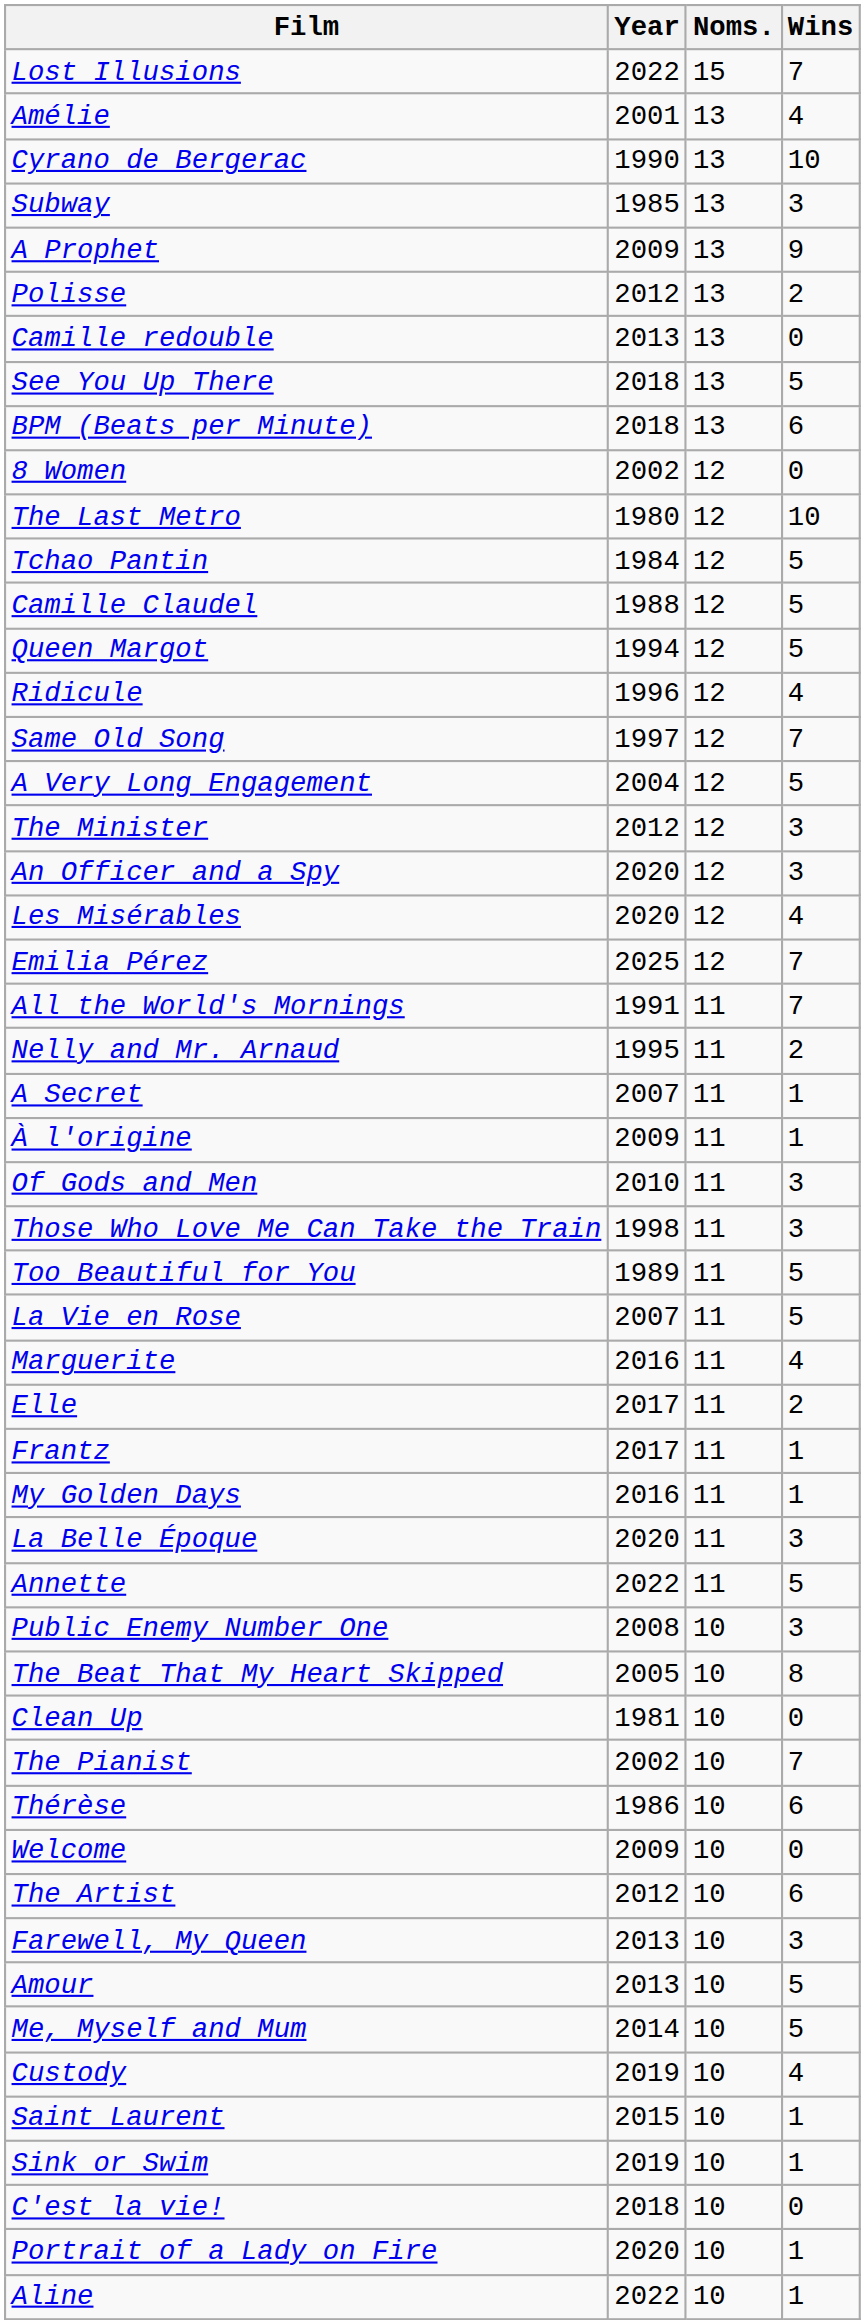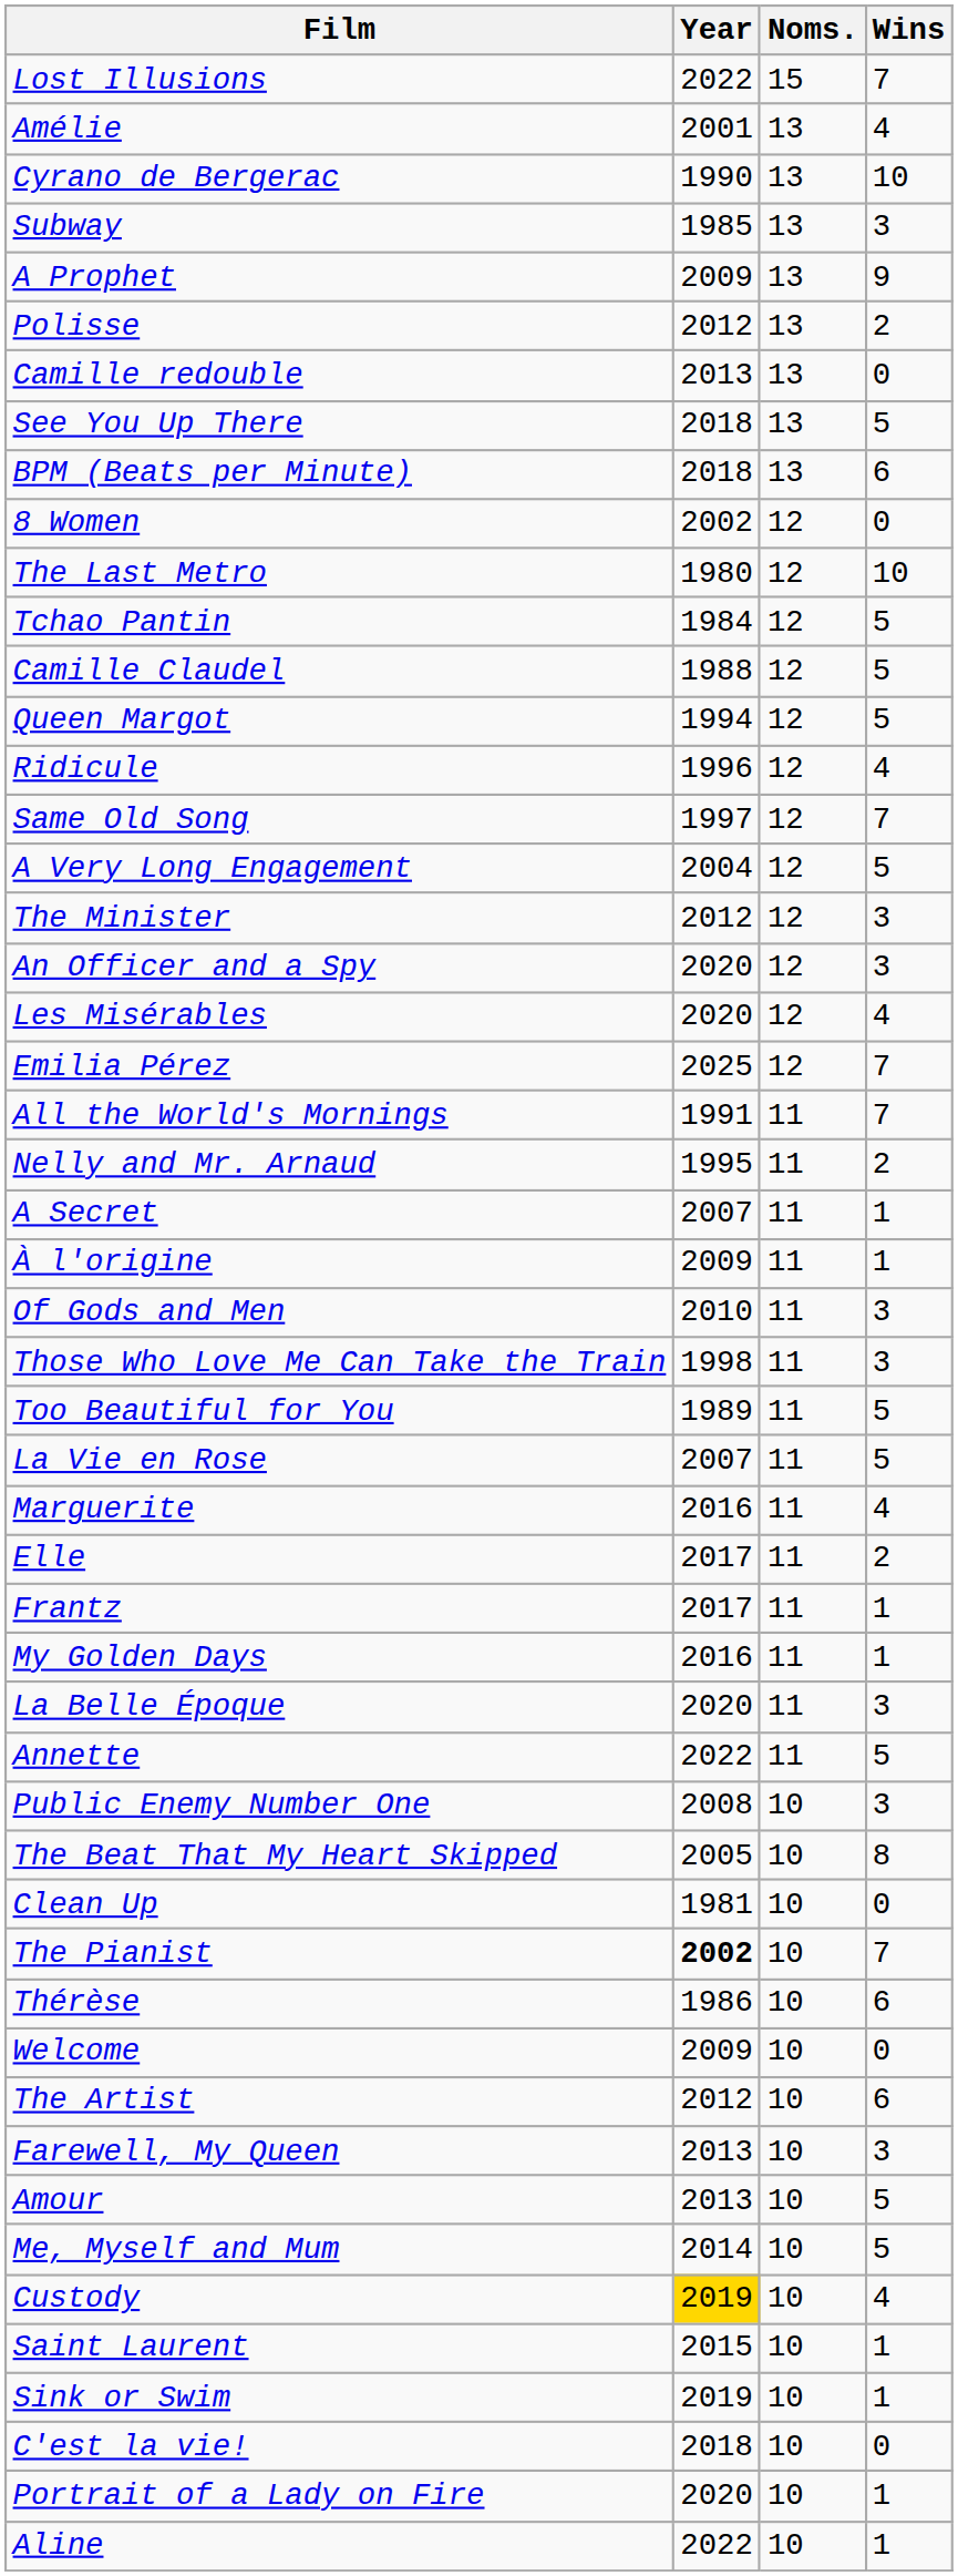 <table class="sortable wikitable">
 <tr>
 <th>Film</th>
 <th>Year</th>
 <th>Noms.</th>
 <th>Wins</th>
 </tr>
 <tr>
 <td><em><a href='#'>Lost Illusions</a></em></td>
 <td>2022</td>
 <td>15</td>
 <td>7</td>
 </tr>
 <tr>
 <td><em><a href='#'>Amélie</a></em></td>
 <td>2001</td>
 <td>13</td>
 <td>4</td>
 </tr>
 <tr>
 <td><em><a href='#'>Cyrano de Bergerac</a></em></td>
 <td>1990</td>
 <td>13</td>
 <td>10</td>
 </tr>
 <tr>
 <td><em><a href='#'>Subway</a></em></td>
 <td>1985</td>
 <td>13</td>
 <td>3</td>
 </tr>
 <tr>
 <td><em><a href='#'>A Prophet</a></em></td>
 <td>2009</td>
 <td>13</td>
 <td>9</td>
 </tr>
 <tr>
 <td><em><a href='#'>Polisse</a></em></td>
 <td>2012</td>
 <td>13</td>
 <td>2</td>
 </tr>
 <tr>
 <td><em><a href='#'>Camille redouble</a></em></td>
 <td>2013</td>
 <td>13</td>
 <td>0</td>
 </tr>
 <tr>
 <td><em><a href='#'>See You Up There</a></em></td>
 <td>2018</td>
 <td>13</td>
 <td>5</td>
 </tr>
 <tr>
 <td><em><a href='#'>BPM (Beats per Minute)</a></em></td>
 <td>2018</td>
 <td>13</td>
 <td>6</td>
 </tr>
 <tr>
 <td><em><a href='#'>8 Women</a></em></td>
 <td>2002</td>
 <td>12</td>
 <td>0</td>
 </tr>
 <tr>
 <td><em><a href='#'>The Last Metro</a></em></td>
 <td>1980</td>
 <td>12</td>
 <td>10</td>
 </tr>
 <tr>
 <td><em><a href='#'>Tchao Pantin</a></em></td>
 <td>1984</td>
 <td>12</td>
 <td>5</td>
 </tr>
 <tr>
 <td><em><a href='#'>Camille Claudel</a></em></td>
 <td>1988</td>
 <td>12</td>
 <td>5</td>
 </tr>
 <tr>
 <td><em><a href='#'>Queen Margot</a></em></td>
 <td>1994</td>
 <td>12</td>
 <td>5</td>
 </tr>
 <tr>
 <td><em><a href='#'>Ridicule</a></em></td>
 <td>1996</td>
 <td>12</td>
 <td>4</td>
 </tr>
 <tr>
 <td><em><a href='#'>Same Old Song</a></em></td>
 <td>1997</td>
 <td>12</td>
 <td>7</td>
 </tr>
 <tr>
 <td><em><a href='#'>A Very Long Engagement</a></em></td>
 <td>2004</td>
 <td>12</td>
 <td>5</td>
 </tr>
 <tr>
 <td><em><a href='#'>The Minister</a></em></td>
 <td>2012</td>
 <td>12</td>
 <td>3</td>
 </tr>
 <tr>
 <td><em><a href='#'>An Officer and a Spy</a></em></td>
 <td>2020</td>
 <td>12</td>
 <td>3</td>
 </tr>
 <tr>
 <td><em><a href='#'>Les Misérables</a></em></td>
 <td>2020</td>
 <td>12</td>
 <td>4</td>
 </tr>
 <tr>
 <td><em><a href='#'>Emilia Pérez</a></em></td>
 <td>2025</td>
 <td>12</td>
 <td>7</td>
 </tr>
 <tr>
 <td><em><a href='#'>All the World's Mornings</a></em></td>
 <td>1991</td>
 <td>11</td>
 <td>7</td>
 </tr>
 <tr>
 <td><em><a href='#'>Nelly and Mr. Arnaud</a></em></td>
 <td>1995</td>
 <td>11</td>
 <td>2</td>
 </tr>
 <tr>
 <td><em><a href='#'>A Secret</a></em></td>
 <td>2007</td>
 <td>11</td>
 <td>1</td>
 </tr>
 <tr>
 <td><em><a href='#'>À l'origine</a></em></td>
 <td>2009</td>
 <td>11</td>
 <td>1</td>
 </tr>
 <tr>
 <td><em><a href='#'>Of Gods and Men</a></em></td>
 <td>2010</td>
 <td>11</td>
 <td>3</td>
 </tr>
 <tr>
 <td><em><a href='#'>Those Who Love Me Can Take the Train</a></em></td>
 <td>1998</td>
 <td>11</td>
 <td>3</td>
 </tr>
 <tr>
 <td><em><a href='#'>Too Beautiful for You</a></em></td>
 <td>1989</td>
 <td>11</td>
 <td>5</td>
 </tr>
 <tr>
 <td><em><a href='#'>La Vie en Rose</a></em></td>
 <td>2007</td>
 <td>11</td>
 <td>5</td>
 </tr>
 <tr>
 <td><em><a href='#'>Marguerite</a></em></td>
 <td>2016</td>
 <td>11</td>
 <td>4</td>
 </tr>
 <tr>
 <td><em><a href='#'>Elle</a></em></td>
 <td>2017</td>
 <td>11</td>
 <td>2</td>
 </tr>
 <tr>
 <td><em><a href='#'>Frantz</a></em></td>
 <td>2017</td>
 <td>11</td>
 <td>1</td>
 </tr>
 <tr>
 <td><em><a href='#'>My Golden Days</a></em></td>
 <td>2016</td>
 <td>11</td>
 <td>1</td>
 </tr>
 <tr>
 <td><em><a href='#'>La Belle Époque</a></em></td>
 <td>2020</td>
 <td>11</td>
 <td>3</td>
 </tr>
 <tr>
 <td><em><a href='#'>Annette</a></em></td>
 <td>2022</td>
 <td>11</td>
 <td>5</td>
 </tr>
 <tr>
 <td><em><a href='#'>Public Enemy Number One</a></em></td>
 <td>2008</td>
 <td>10</td>
 <td>3</td>
 </tr>
 <tr>
 <td><em><a href='#'>The Beat That My Heart Skipped</a></em></td>
 <td>2005</td>
 <td>10</td>
 <td>8</td>
 </tr>
 <tr>
 <td><em><a href='#'>Clean Up</a></em></td>
 <td>1981</td>
 <td>10</td>
 <td>0</td>
 </tr>
 <tr>
 <td><em><a href='#'>The Pianist</a></em></td>
-<td>2002</td>
+<td><strong>2002</strong></td>
 <td>10</td>
 <td>7</td>
 </tr>
 <tr>
 <td><em><a href='#'>Thérèse</a></em></td>
 <td>1986</td>
 <td>10</td>
 <td>6</td>
 </tr>
 <tr>
 <td><em><a href='#'>Welcome</a></em></td>
 <td>2009</td>
 <td>10</td>
 <td>0</td>
 </tr>
 <tr>
 <td><em><a href='#'>The Artist</a></em></td>
 <td>2012</td>
 <td>10</td>
 <td>6</td>
 </tr>
 <tr>
 <td><em><a href='#'>Farewell, My Queen</a></em></td>
 <td>2013</td>
 <td>10</td>
 <td>3</td>
 </tr>
 <tr>
 <td><em><a href='#'>Amour</a></em></td>
 <td>2013</td>
 <td>10</td>
 <td>5</td>
 </tr>
 <tr>
 <td><em><a href='#'>Me, Myself and Mum</a></em></td>
 <td>2014</td>
 <td>10</td>
 <td>5</td>
 </tr>
 <tr>
 <td><em><a href='#'>Custody</a></em></td>
-<td>2019</td>
+<td style="background: gold;">2019</td>
 <td>10</td>
 <td>4</td>
 </tr>
 <tr>
 <td><em><a href='#'>Saint Laurent</a></em></td>
 <td>2015</td>
 <td>10</td>
 <td>1</td>
 </tr>
 <tr>
 <td><em><a href='#'>Sink or Swim</a></em></td>
 <td>2019</td>
 <td>10</td>
 <td>1</td>
 </tr>
 <tr>
 <td><em><a href='#'>C'est la vie!</a></em></td>
 <td>2018</td>
 <td>10</td>
 <td>0</td>
 </tr>
 <tr>
 <td><em><a href='#'>Portrait of a Lady on Fire</a></em></td>
 <td>2020</td>
 <td>10</td>
 <td>1</td>
 </tr>
 <tr>
 <td><em><a href='#'>Aline</a></em></td>
 <td>2022</td>
 <td>10</td>
 <td>1</td>
 </tr>
 </table>
